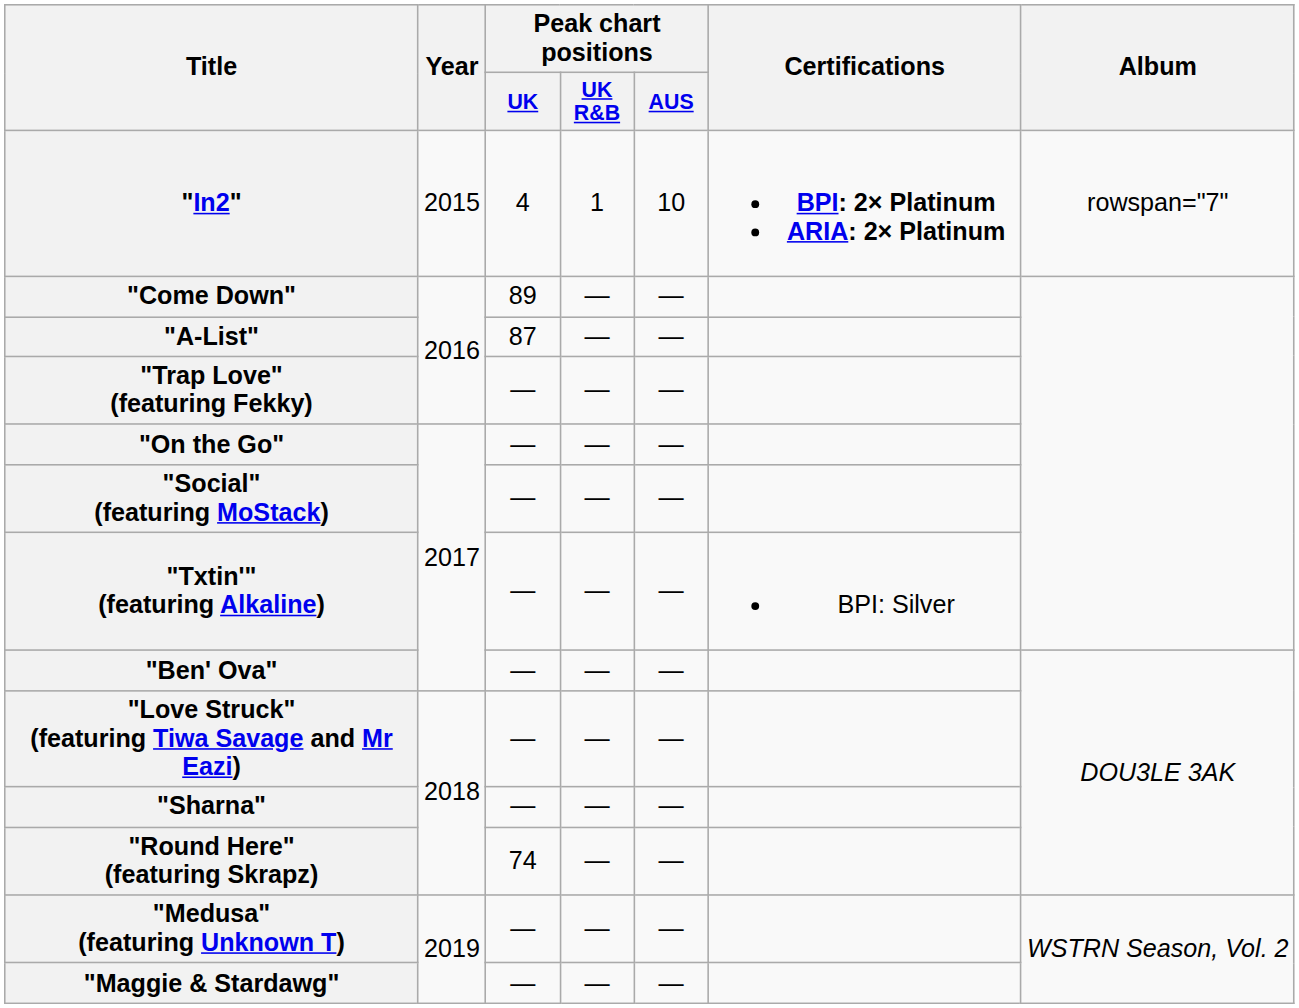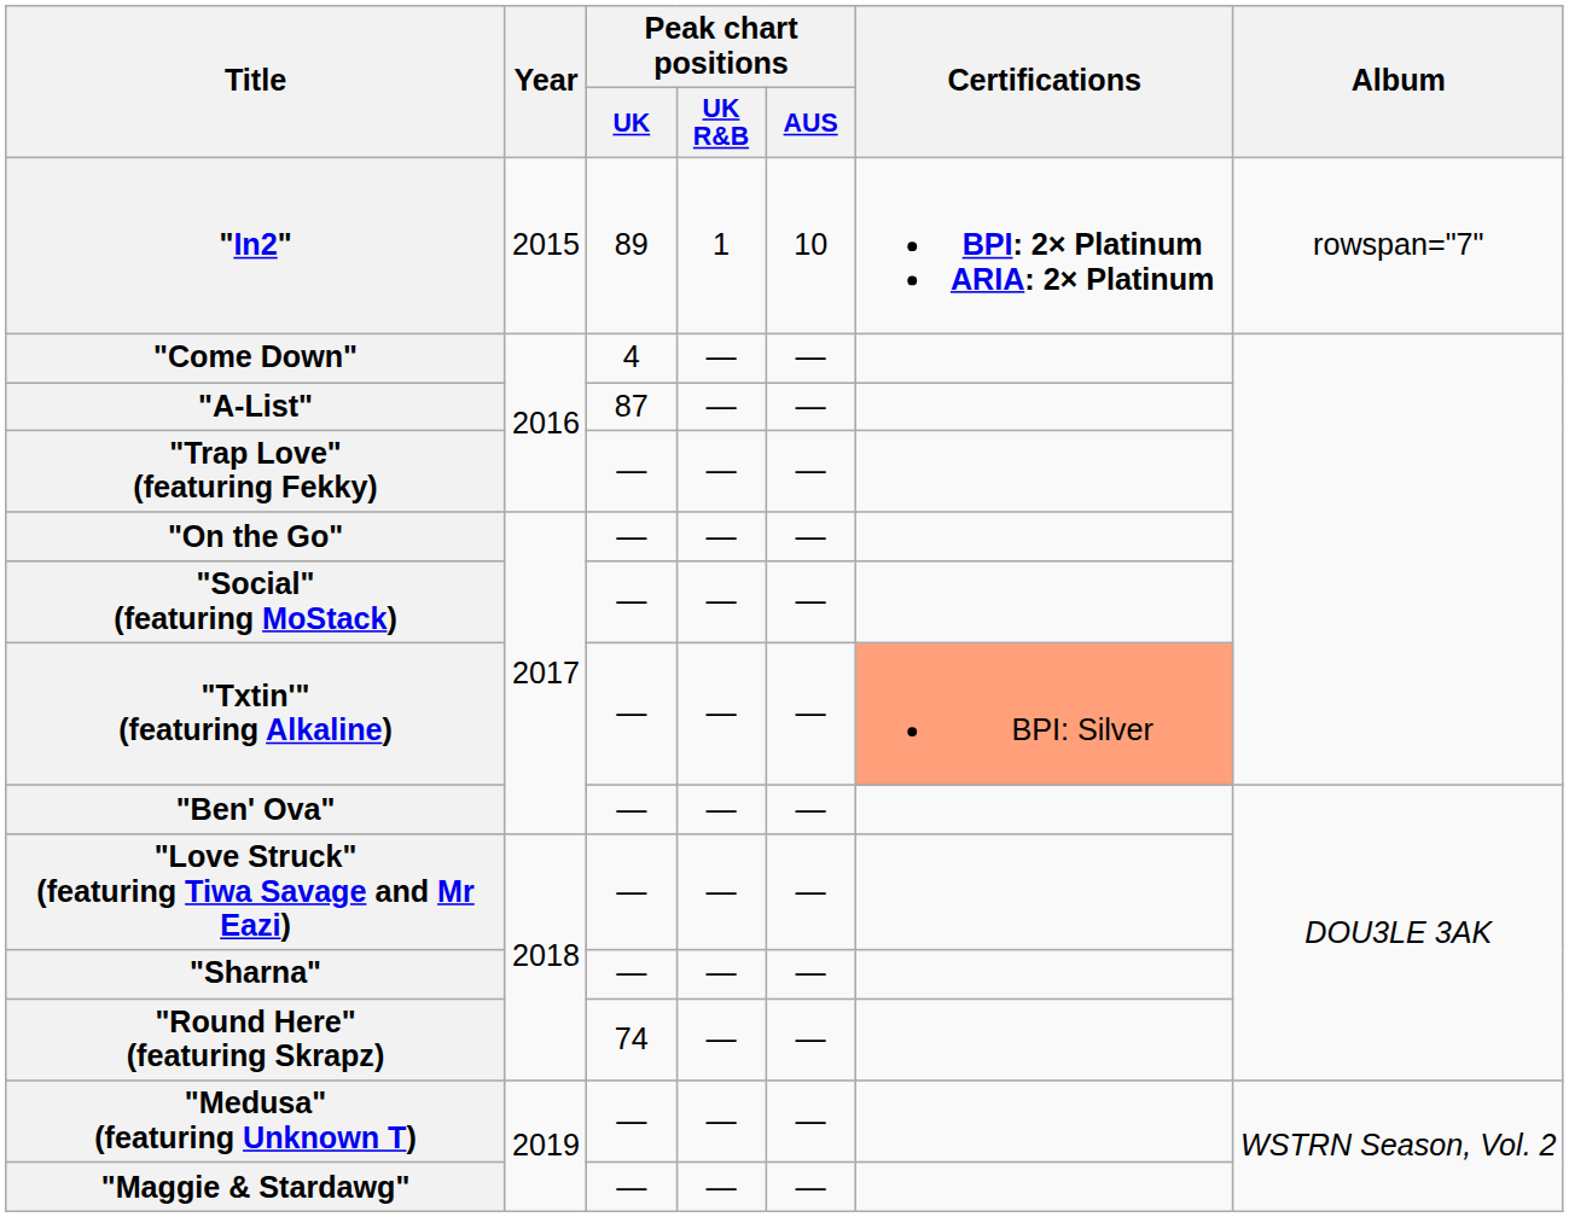 <table class="wikitable plainrowheaders" style="text-align:center;" border="1">
 <tr>
 <th scope="col" rowspan="2" style="width:16em;">Title</th>
 <th scope="col" rowspan="2" style="width:1em;">Year</th>
 <th scope="col" colspan="3">Peak chart positions</th>
 <th scope="col" rowspan="2" style="width:12em;">Certifications</th>
 <th scope="col" rowspan="2">Album</th>
 </tr>
 <tr>
 <th scope="col" style="width:3em;font-size:85%;"><a href='#'>UK</a><br></th>
 <th scope="col" style="width:3em;font-size:85%;"><a href='#'>UK R&B</a><br></th>
 <th scope="col" style="width:3em;font-size:85%;"><a href='#'>AUS</a><br></th>
 </tr>
 <tr>
 <th scope="row">"<a href='#'>In2</a>"</th>
 <td>2015</td>
-<td>4</td>
+<td>89</td>
 <td>1</td>
 <td>10</td>
 <td><strong><br><ul><li><a href='#'>BPI</a>: 2× Platinum</li><li><a href='#'>ARIA</a>: 2× Platinum</li></ul></strong></td>
 <td>rowspan="7" </td>
 </tr>
 <tr>
 <th scope="row">"Come Down"</th>
 <td rowspan="3">2016</td>
-<td>89</td>
+<td>4</td>
 <td>—</td>
 <td>—</td>
 <td></td>
 </tr>
 <tr>
 <th scope="row">"A-List"</th>
 <td>87</td>
 <td>—</td>
 <td>—</td>
 <td></td>
 </tr>
 <tr>
 <th scope="row">"Trap Love"<br><span>(featuring Fekky)</span></th>
 <td>—</td>
 <td>—</td>
 <td>—</td>
 <td></td>
 </tr>
 <tr>
 <th scope="row">"On the Go"</th>
 <td rowspan="4">2017</td>
 <td>—</td>
 <td>—</td>
 <td>—</td>
 <td></td>
 </tr>
 <tr>
 <th scope="row">"Social"<br><span>(featuring <a href='#'>MoStack</a>)</span></th>
 <td>—</td>
 <td>—</td>
 <td>—</td>
 <td></td>
 </tr>
 <tr>
 <th scope="row">"Txtin'"<br><span>(featuring <a href='#'>Alkaline</a>)</span></th>
 <td>—</td>
 <td>—</td>
 <td>—</td>
-<td><br><ul><li>BPI: Silver</li></ul></td>
+<td style="background: lightsalmon;"><br><ul><li>BPI: Silver</li></ul></td>
 </tr>
 <tr>
 <th scope="row">"Ben' Ova"</th>
 <td>—</td>
 <td>—</td>
 <td>—</td>
 <td></td>
 <td rowspan="4"><em>DOU3LE 3AK</em></td>
 </tr>
 <tr>
 <th scope="row">"Love Struck"<br><span>(featuring <a href='#'>Tiwa Savage</a> and <a href='#'>Mr Eazi</a>)</span></th>
 <td rowspan="3">2018</td>
 <td>—</td>
 <td>—</td>
 <td>—</td>
 <td></td>
 </tr>
 <tr>
 <th scope="row">"Sharna"</th>
 <td>—</td>
 <td>—</td>
 <td>—</td>
 <td></td>
 </tr>
 <tr>
 <th scope="row">"Round Here"<br><span>(featuring Skrapz)</span></th>
 <td>74</td>
 <td>—</td>
 <td>—</td>
 <td></td>
 </tr>
 <tr>
 <th scope="row">"Medusa"<br><span>(featuring <a href='#'>Unknown T</a>)</span></th>
 <td rowspan="2">2019</td>
 <td>—</td>
 <td>—</td>
 <td>—</td>
 <td></td>
 <td rowspan="2"><em>WSTRN Season, Vol. 2</em></td>
 </tr>
 <tr>
 <th scope="row">"Maggie & Stardawg"</th>
 <td>—</td>
 <td>—</td>
 <td>—</td>
 <td></td>
 </tr>
 </table>
